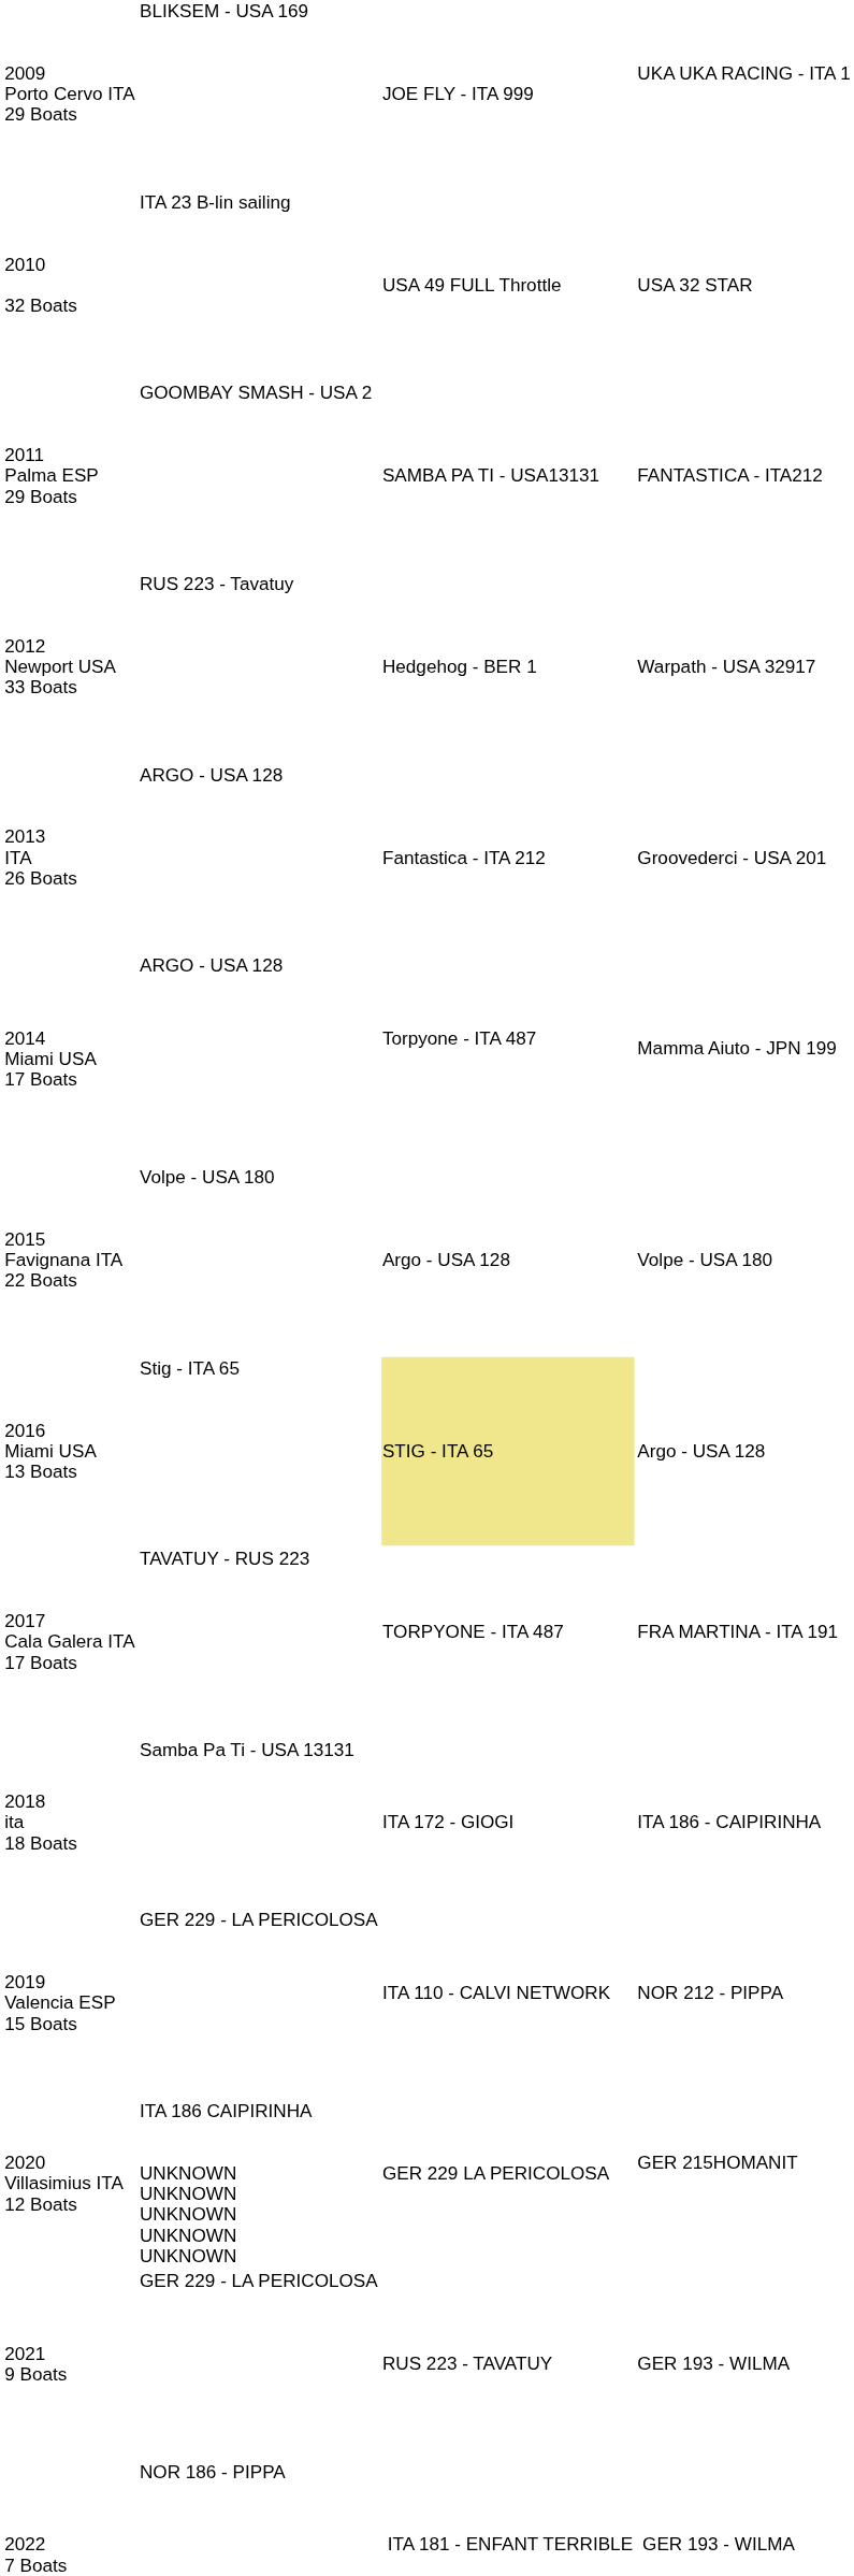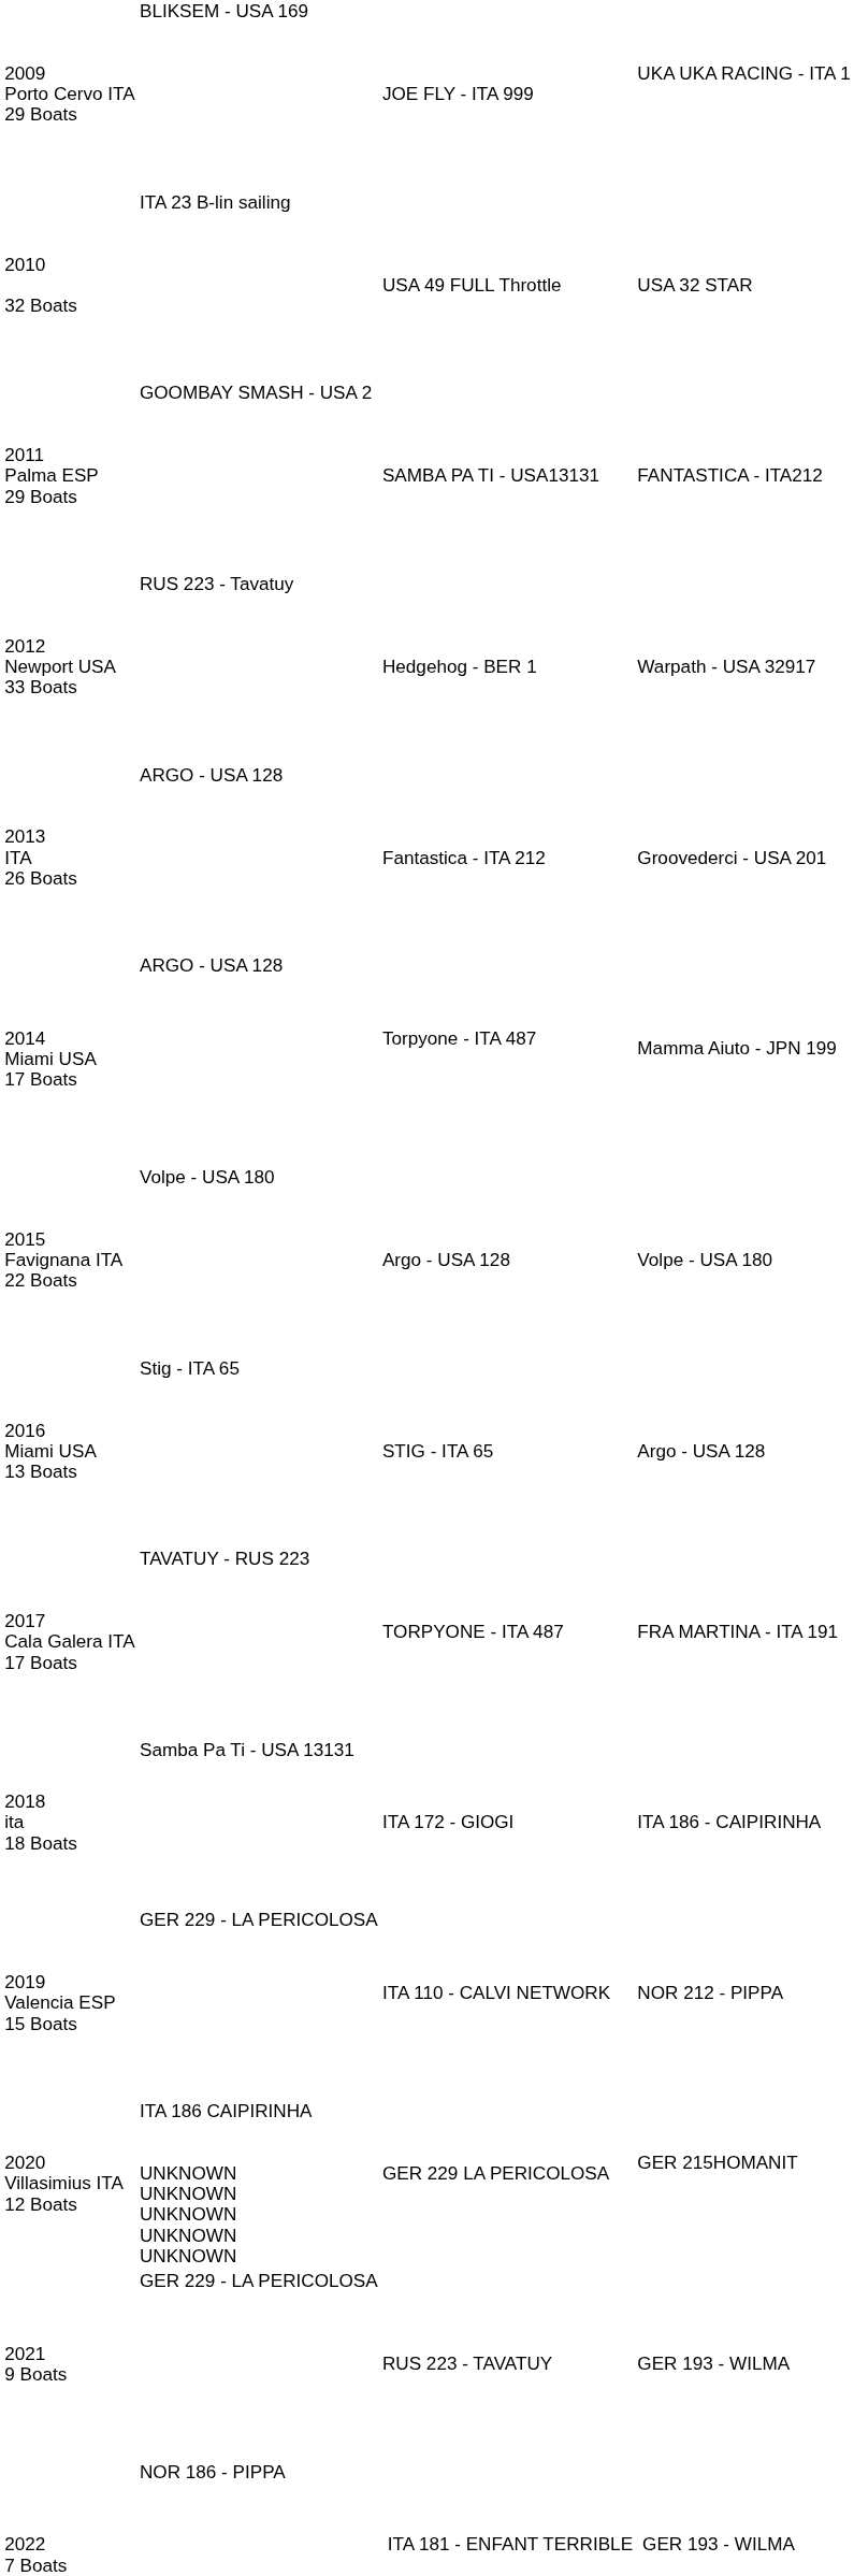 <table>
 <tr>
 <td>2009 <br>Porto Cervo ITA <br>29 Boats</td>
 <td>BLIKSEM - USA 169<br><br><br> <br> <br> <br> <br> <br> <br> </td>
 <td>JOE FLY - ITA 999<br></td>
 <td>UKA UKA RACING - ITA 1<br><br><br></td>
 <td></td>
 </tr>
 <tr>
 <td>2010<br><br>32 Boats</td>
 <td>ITA 23	B-lin sailing<br><br><br> <br> <br> <br> <br> <br> <br> </td>
 <td>USA 49	FULL Throttle<br></td>
 <td>USA 32	STAR<br></td>
 <td></td>
 </tr>
 <tr>
 <td>2011<br>Palma ESP <br>29 Boats</td>
 <td>GOOMBAY SMASH - USA 2<br><br><br> <br> <br> <br> <br> <br> <br> </td>
 <td>SAMBA PA TI - USA13131</td>
 <td>FANTASTICA - ITA212</td>
 <td></td>
 </tr>
 <tr>
 <td>2012<br>Newport USA<br>33 Boats</td>
 <td>RUS 223 - Tavatuy<br><br><br> <br> <br> <br> <br> <br> <br> </td>
 <td>Hedgehog - BER 1</td>
 <td>Warpath - USA 32917</td>
 <td></td>
 </tr>
 <tr>
 <td>2013<br>ITA<br>26 Boats</td>
 <td>ARGO - USA 128<br><br><br> <br> <br> <br> <br> <br> <br> </td>
 <td>Fantastica - ITA 212</td>
 <td>Groovederci - USA 201</td>
 <td></td>
 </tr>
 <tr>
 <td>2014<br>Miami USA<br>17 Boats</td>
 <td>ARGO - USA 128<br><br><br> <br> <br> <br> <br> <br> <br> <br></td>
 <td>Torpyone - ITA 487<br><br><br></td>
 <td>Mamma Aiuto - JPN 199<br><br></td>
 <td></td>
 </tr>
 <tr>
 <td>2015<br>Favignana ITA<br>22 Boats</td>
 <td>Volpe - USA 180<br><br><br> <br> <br> <br> <br> <br> <br> </td>
 <td>Argo - USA 128</td>
 <td>Volpe - USA 180</td>
 <td></td>
 </tr>
 <tr>
 <td>2016 <br> Miami USA<br>13 Boats</td>
 <td>Stig - ITA 65<br><br><br> <br> <br> <br> <br> <br> <br> </td>
-<td style="background: khaki;">STIG - ITA 65</td>
+<td>STIG - ITA 65</td>
 <td>Argo - USA 128</td>
 <td></td>
 </tr>
 <tr>
 <td>2017 <br>Cala Galera ITA<br>17 Boats</td>
 <td>TAVATUY - RUS 223<br><br><br> <br> <br> <br> <br> <br> <br> </td>
 <td>TORPYONE - ITA 487<br><br> </td>
 <td>FRA MARTINA - ITA 191<br><br></td>
 <td></td>
 </tr>
 <tr>
 <td>2018 <br>ita<br>18 Boats</td>
 <td>Samba Pa Ti - USA 13131<br><br> <br> <br> <br> <br> <br> <br> </td>
 <td>ITA 172 - GIOGI</td>
 <td>ITA 186 - CAIPIRINHA</td>
 <td></td>
 </tr>
 <tr>
 <td>2019 <br>Valencia ESP<br>15 Boats</td>
 <td>GER 229 - LA PERICOLOSA<br><br><br> <br> <br> <br> <br> <br> <br> </td>
 <td>ITA 110 - CALVI NETWORK<br><br></td>
 <td>NOR 212 - PIPPA<br><br></td>
 <td></td>
 </tr>
 <tr>
 <td>2020 <br>Villasimius ITA<br>12 Boats</td>
 <td>ITA 186 CAIPIRINHA<br><br><br>UNKNOWN<br>UNKNOWN<br>UNKNOWN<br>UNKNOWN<br>UNKNOWN</td>
 <td>GER 229 LA PERICOLOSA<br><br></td>
 <td>GER 215HOMANIT<br><br><br> </td>
 <td></td>
 </tr>
 <tr>
 <td>2021 <br> 9 Boats</td>
 <td>GER 229 - LA PERICOLOSA<br><br><br> <br> <br> <br> <br> <br> <br> </td>
 <td>RUS 223 - TAVATUY<br></td>
 <td>GER 193 - WILMA<br></td>
 <td></td>
 </tr>
 <tr>
 <td>2022 <br> 7 Boats</td>
 <td>NOR 186 - PIPPA<br><br><br> <br> <br> <br> <br> <br> <br> </td>
 <td> ITA 181 - ENFANT TERRIBLE<br><br></td>
 <td> GER 193 - WILMA<br><br></td>
 <td></td>
 </tr>
 </table>
